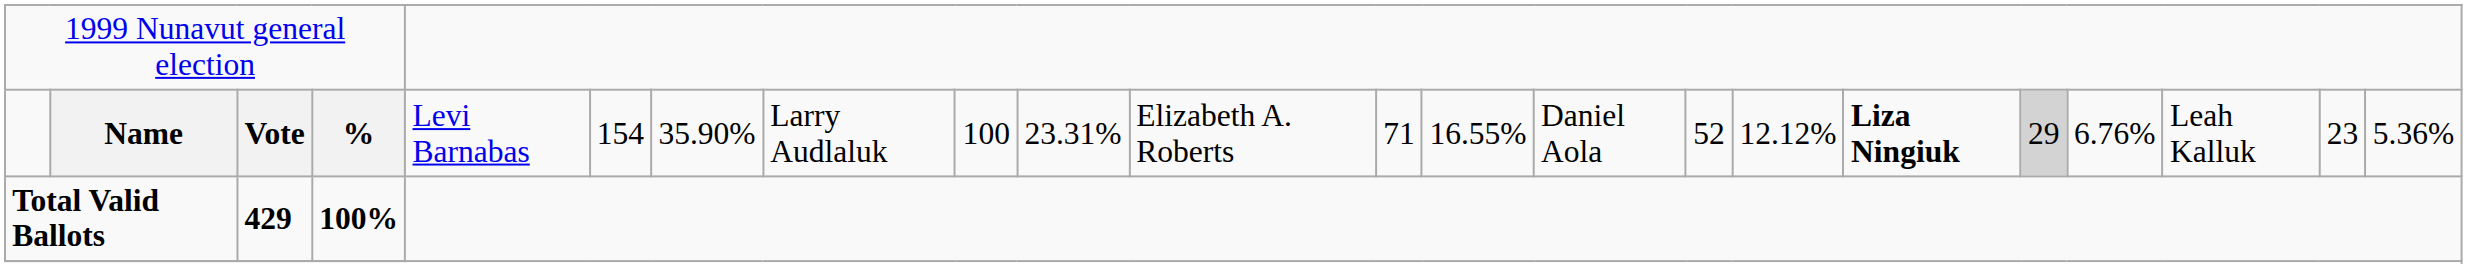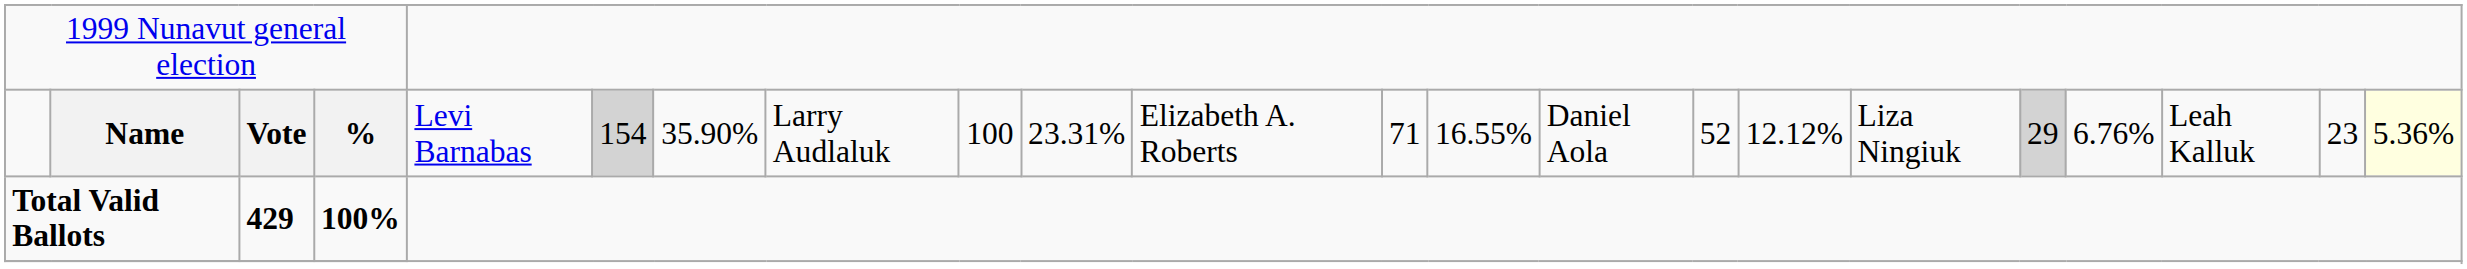 <table class="wikitable">
 <tr>
 <td colspan=4 align=center><a href='#'>1999 Nunavut general election</a></td>
 </tr>
 <tr>
 <td> </td>
 <th><strong>Name </strong></th>
 <th><strong>Vote</strong></th>
 <th><strong>%</strong><br></th>
 <td><a href='#'>Levi Barnabas</a></td>
-<td>154</td>
+<td style="background: lightgrey;">154</td>
 <td>35.90%<br></td>
 <td>Larry Audlaluk</td>
 <td>100</td>
 <td>23.31%<br></td>
 <td>Elizabeth A. Roberts</td>
 <td>71</td>
 <td>16.55%<br></td>
 <td>Daniel Aola</td>
 <td>52</td>
 <td>12.12%<br></td>
-<td><strong>Liza Ningiuk</strong></td>
+<td>Liza Ningiuk</td>
 <td style="background: lightgrey;">29</td>
 <td>6.76%<br></td>
 <td>Leah Kalluk</td>
 <td>23</td>
-<td>5.36%</td>
+<td style="background: lightyellow;">5.36%</td>
 </tr>
 <tr>
 <td colspan=2><strong>Total Valid Ballots</strong></td>
 <td><strong>429</strong></td>
 <td><strong>100%</strong></td>
 </tr>
 <tr>
 </tr>
 </table>
